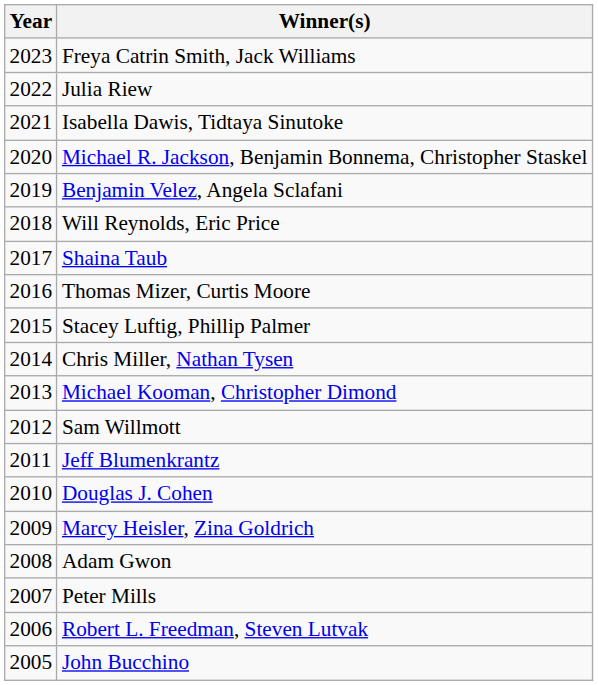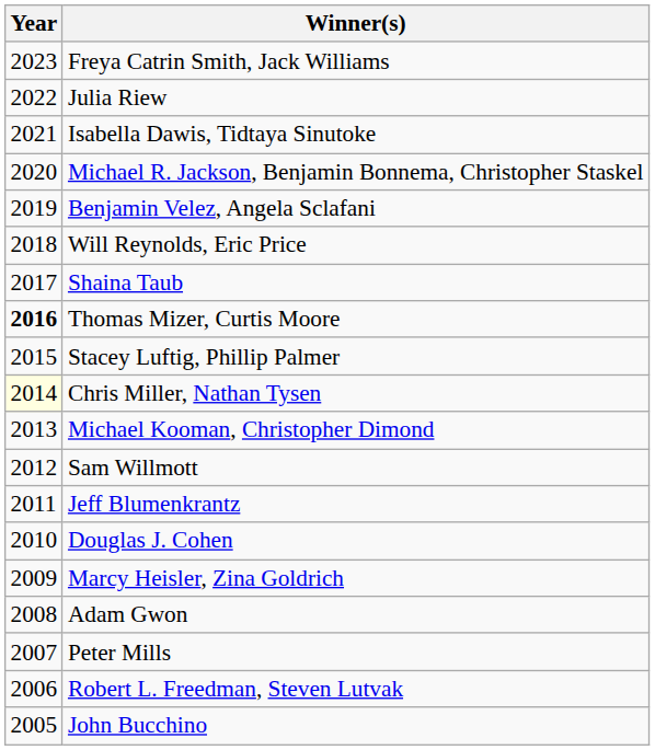 <table class="wikitable">
 <tr>
 <th>Year</th>
 <th>Winner(s)</th>
 </tr>
 <tr>
 <td>2023</td>
 <td>Freya Catrin Smith, Jack Williams</td>
 </tr>
 <tr>
 <td>2022</td>
 <td>Julia Riew</td>
 </tr>
 <tr>
 <td>2021</td>
 <td>Isabella Dawis, Tidtaya Sinutoke</td>
 </tr>
 <tr>
 <td>2020</td>
 <td><a href='#'>Michael R. Jackson</a>, Benjamin Bonnema, Christopher Staskel</td>
 </tr>
 <tr>
 <td>2019</td>
 <td><a href='#'>Benjamin Velez</a>, Angela Sclafani</td>
 </tr>
 <tr>
 <td>2018</td>
 <td>Will Reynolds, Eric Price</td>
 </tr>
 <tr>
 <td>2017</td>
 <td><a href='#'>Shaina Taub</a></td>
 </tr>
 <tr>
-<td>2016</td>
+<td><strong>2016</strong></td>
 <td>Thomas Mizer, Curtis Moore</td>
 </tr>
 <tr>
 <td>2015</td>
 <td>Stacey Luftig, Phillip Palmer</td>
 </tr>
 <tr>
-<td>2014</td>
+<td style="background: lightyellow;">2014</td>
 <td>Chris Miller, <a href='#'>Nathan Tysen</a></td>
 </tr>
 <tr>
 <td>2013</td>
 <td><a href='#'>Michael Kooman</a>, <a href='#'>Christopher Dimond</a></td>
 </tr>
 <tr>
 <td>2012</td>
 <td>Sam Willmott</td>
 </tr>
 <tr>
 <td>2011</td>
 <td><a href='#'>Jeff Blumenkrantz</a></td>
 </tr>
 <tr>
 <td>2010</td>
 <td><a href='#'>Douglas J. Cohen</a></td>
 </tr>
 <tr>
 <td>2009</td>
 <td><a href='#'>Marcy Heisler</a>, <a href='#'>Zina Goldrich</a></td>
 </tr>
 <tr>
 <td>2008</td>
 <td>Adam Gwon</td>
 </tr>
 <tr>
 <td>2007</td>
 <td>Peter Mills</td>
 </tr>
 <tr>
 <td>2006</td>
 <td><a href='#'>Robert L. Freedman</a>, <a href='#'>Steven Lutvak</a></td>
 </tr>
 <tr>
 <td>2005</td>
 <td><a href='#'>John Bucchino</a></td>
 </tr>
 </table>
